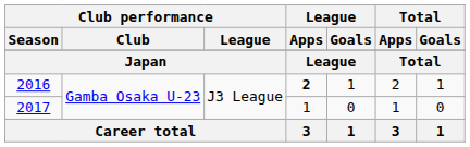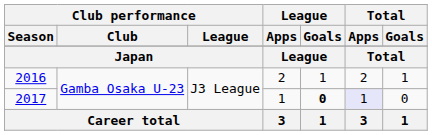 <table class="wikitable" style="text-align:center">
 <tr>
 <th colspan=3>Club performance</th>
 <th colspan=2>League</th>
 <th colspan=2>Total</th>
 </tr>
 <tr>
 <th>Season</th>
 <th>Club</th>
 <th>League</th>
 <th>Apps</th>
 <th>Goals</th>
 <th>Apps</th>
 <th>Goals</th>
 </tr>
 <tr>
 </tr>
 <tr>
 <th colspan=3>Japan</th>
 <th colspan=2>League</th>
 <th colspan=2>Total</th>
 </tr>
 <tr>
 <td><a href='#'>2016</a></td>
 <td rowspan="2"><a href='#'>Gamba Osaka U-23</a></td>
 <td rowspan="2">J3 League</td>
-<td><strong>2</strong></td>
+<td>2</td>
 <td>1</td>
 <td>2</td>
 <td>1</td>
 </tr>
 <tr>
 <td><a href='#'>2017</a></td>
 <td>1</td>
-<td>0</td>
-<td>1</td>
+<td><strong>0</strong></td>
+<td style="background: lavender;">1</td>
 <td>0</td>
 </tr>
 <tr>
 <th colspan=3>Career total</th>
 <th>3</th>
 <th>1</th>
 <th>3</th>
 <th>1</th>
 </tr>
 </table>
